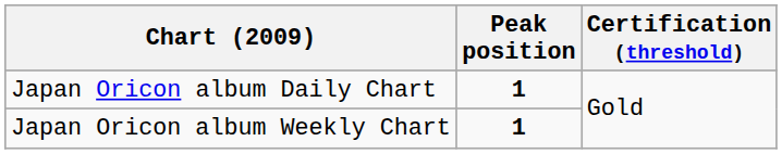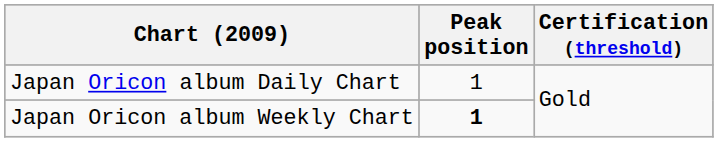 <table class="wikitable sortable">
 <tr>
 <th>Chart (2009)</th>
 <th>Peak<br>position</th>
 <th align="center">Certification<br><small>(<a href='#'>threshold</a>)</small></th>
 </tr>
 <tr>
 <td>Japan <a href='#'>Oricon</a> album Daily Chart</td>
-<td align="center"><strong>1</strong></td>
+<td align="center">1</td>
 <td rowspan="2">Gold</td>
 </tr>
 <tr>
 <td>Japan Oricon album Weekly Chart</td>
 <td align="center"><strong>1</strong></td>
 </tr>
 </table>
